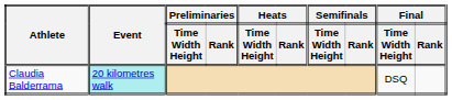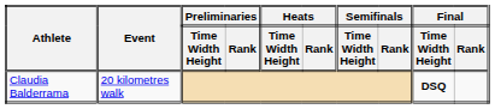 <table class=wikitable style="font-size:90%; border: double;">
 <tr>
 <th rowspan="2" style="border-right:double">Athlete</th>
 <th rowspan="2" style="border-right:double">Event</th>
 <th colspan="2" style="border-right:double; border-bottom:double;">Preliminaries</th>
 <th colspan="2" style="border-right:double; border-bottom:double;">Heats</th>
 <th colspan="2" style="border-right:double; border-bottom:double;">Semifinals</th>
 <th colspan="2" style="border-right:double; border-bottom:double;">Final</th>
 </tr>
 <tr>
 <th>Time<br>Width<br>Height</th>
 <th style="border-right:double">Rank</th>
 <th>Time<br>Width<br>Height</th>
 <th style="border-right:double">Rank</th>
 <th>Time<br>Width<br>Height</th>
 <th style="border-right:double">Rank</th>
 <th>Time<br>Width<br>Height</th>
 <th style="border-right:double">Rank</th>
 </tr>
 <tr style="border-top: double;">
 <td style="border-right:double"><a href='#'>Claudia Balderrama</a></td>
-<td style="background: paleturquoise; border-right:double"><a href='#'>20 kilometres walk</a></td>
+<td style="border-right:double"><a href='#'>20 kilometres walk</a></td>
 <td style="border-right:double" colspan= 6 bgcolor="wheat"></td>
-<td align=center>DSQ</td>
+<td align=center><strong>DSQ</strong></td>
 <td align=center></td>
 </tr>
 </table>
